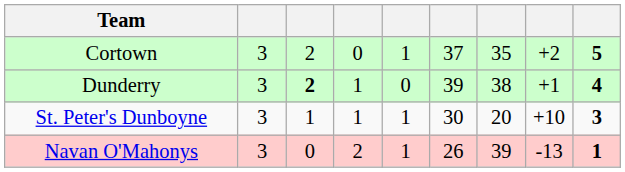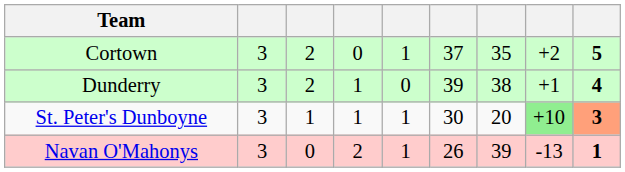 <table class="wikitable" style="text-align:center">
 <tr>
 <th width="175">Team</th>
 <th width="30"></th>
 <th width="30"></th>
 <th width="30"></th>
 <th width="30"></th>
 <th width="30"></th>
 <th width="30"></th>
 <th width="30"></th>
 <th width="30"></th>
 </tr>
 <tr style="background:#cfc;">
 <td>Cortown</td>
 <td>3</td>
 <td>2</td>
 <td>0</td>
 <td>1</td>
 <td>37</td>
 <td>35</td>
 <td>+2</td>
 <td><strong>5</strong></td>
 </tr>
 <tr style="background:#cfc;">
 <td>Dunderry</td>
 <td>3</td>
-<td><strong>2</strong></td>
+<td>2</td>
 <td>1</td>
 <td>0</td>
 <td>39</td>
 <td>38</td>
 <td>+1</td>
 <td><strong>4</strong></td>
 </tr>
 <tr>
 <td><a href='#'>St. Peter's Dunboyne</a></td>
 <td>3</td>
 <td>1</td>
 <td>1</td>
 <td>1</td>
 <td>30</td>
 <td>20</td>
-<td>+10</td>
-<td><strong>3</strong></td>
+<td style="background: lightgreen;">+10</td>
+<td style="background: lightsalmon;"><strong>3</strong></td>
 </tr>
 <tr style="background:#fcc;">
 <td><a href='#'>Navan O'Mahonys</a></td>
 <td>3</td>
 <td>0</td>
 <td>2</td>
 <td>1</td>
 <td>26</td>
 <td>39</td>
 <td>-13</td>
 <td><strong>1</strong></td>
 </tr>
 </table>
